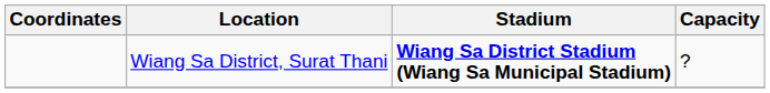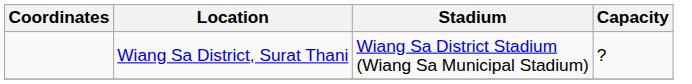 <table class="wikitable sortable">
 <tr>
 <th>Coordinates</th>
 <th>Location</th>
 <th>Stadium</th>
 <th>Capacity</th>
 </tr>
 <tr>
 <td></td>
 <td><a href='#'>Wiang Sa District, Surat Thani</a></td>
-<td><strong><a href='#'>Wiang Sa District Stadium</a><br>(Wiang Sa Municipal Stadium)</strong></td>
+<td><a href='#'>Wiang Sa District Stadium</a><br>(Wiang Sa Municipal Stadium)</td>
 <td>?</td>
 </tr>
 <tr>
 </tr>
 </table>
